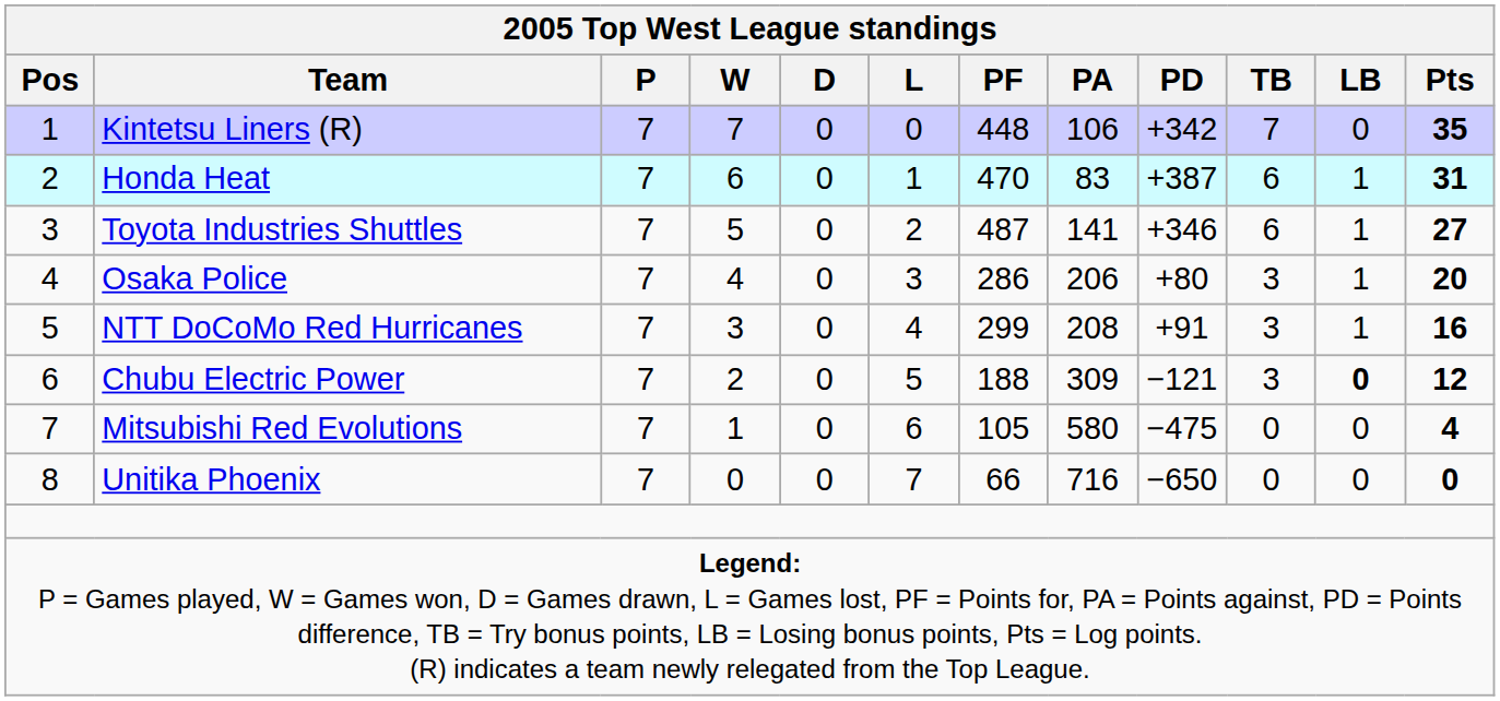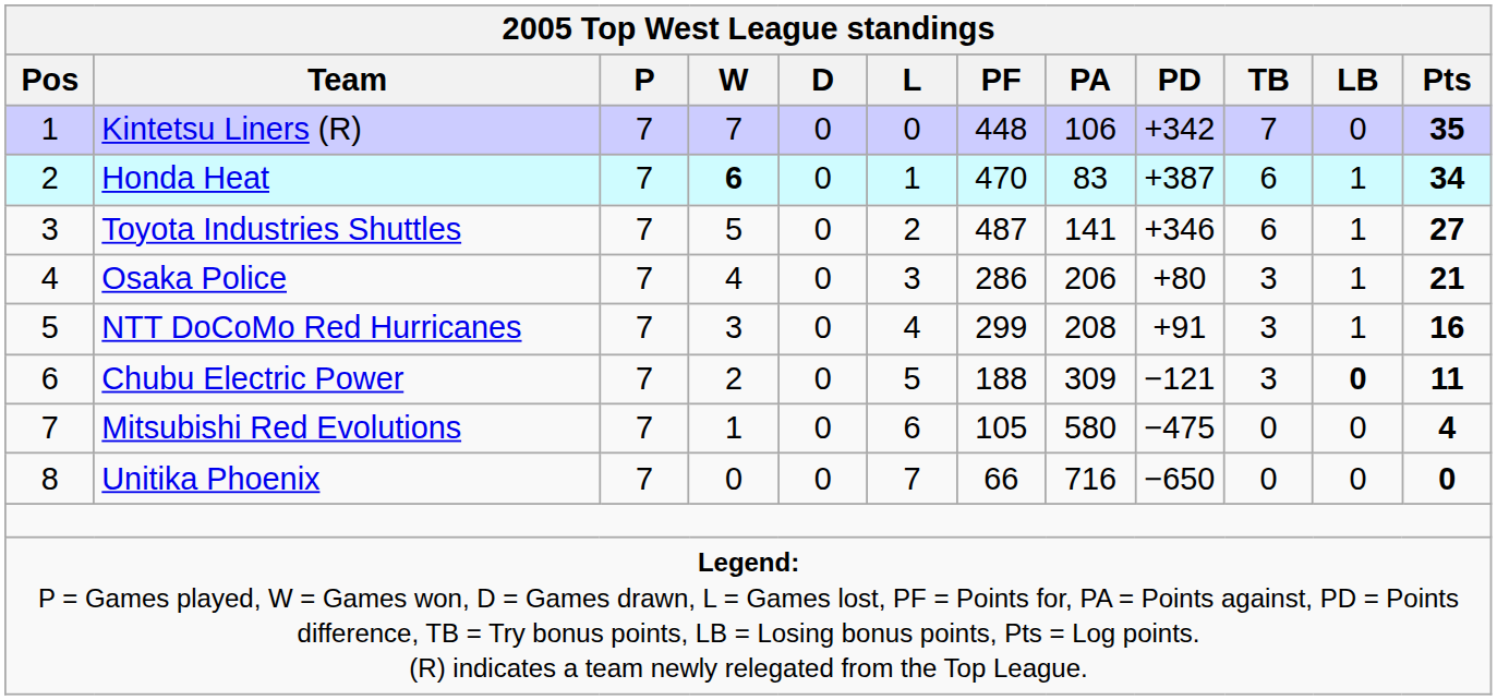 <table class="wikitable" style="text-align:center; font-size:100%; width:60%;">
 <tr>
 <th colspan="100%" cellpadding="0" cellspacing="0"><strong>2005 Top West League standings</strong></th>
 </tr>
 <tr>
 <th style="width:6%;">Pos</th>
 <th style="width:34%;">Team</th>
 <th style="width:6%;">P</th>
 <th style="width:6%;">W</th>
 <th style="width:6%;">D</th>
 <th style="width:6%;">L</th>
 <th style="width:6%;">PF</th>
 <th style="width:6%;">PA</th>
 <th style="width:6%;">PD</th>
 <th style="width:6%;">TB</th>
 <th style="width:6%;">LB</th>
 <th style="width:6%;">Pts<br></th>
 </tr>
 <tr style="background:#CCCCFF;">
 <td>1</td>
 <td style="text-align:left;"><a href='#'>Kintetsu Liners</a> (R)</td>
 <td>7</td>
 <td>7</td>
 <td>0</td>
 <td>0</td>
 <td>448</td>
 <td>106</td>
 <td>+342</td>
 <td>7</td>
 <td>0</td>
 <td><strong>35</strong></td>
 </tr>
 <tr style="background:#CFFCFF;">
 <td>2</td>
 <td style="text-align:left;"><a href='#'>Honda Heat</a></td>
 <td>7</td>
-<td>6</td>
+<td><strong>6</strong></td>
 <td>0</td>
 <td>1</td>
 <td>470</td>
 <td>83</td>
 <td>+387</td>
 <td>6</td>
 <td>1</td>
-<td><strong>31</strong></td>
+<td><strong>34</strong></td>
 </tr>
 <tr>
 <td>3</td>
 <td style="text-align:left;"><a href='#'>Toyota Industries Shuttles</a></td>
 <td>7</td>
 <td>5</td>
 <td>0</td>
 <td>2</td>
 <td>487</td>
 <td>141</td>
 <td>+346</td>
 <td>6</td>
 <td>1</td>
 <td><strong>27</strong></td>
 </tr>
 <tr>
 <td>4</td>
 <td style="text-align:left;"><a href='#'>Osaka Police</a></td>
 <td>7</td>
 <td>4</td>
 <td>0</td>
 <td>3</td>
 <td>286</td>
 <td>206</td>
 <td>+80</td>
 <td>3</td>
 <td>1</td>
-<td><strong>20</strong></td>
+<td><strong>21</strong></td>
 </tr>
 <tr>
 <td>5</td>
 <td style="text-align:left;"><a href='#'>NTT DoCoMo Red Hurricanes</a></td>
 <td>7</td>
 <td>3</td>
 <td>0</td>
 <td>4</td>
 <td>299</td>
 <td>208</td>
 <td>+91</td>
 <td>3</td>
 <td>1</td>
 <td><strong>16</strong></td>
 </tr>
 <tr>
 <td>6</td>
 <td style="text-align:left;"><a href='#'>Chubu Electric Power</a></td>
 <td>7</td>
 <td>2</td>
 <td>0</td>
 <td>5</td>
 <td>188</td>
 <td>309</td>
 <td>−121</td>
 <td>3</td>
 <td><strong>0</strong></td>
-<td><strong>12</strong></td>
+<td><strong>11</strong></td>
 </tr>
 <tr>
 <td>7</td>
 <td style="text-align:left;"><a href='#'>Mitsubishi Red Evolutions</a></td>
 <td>7</td>
 <td>1</td>
 <td>0</td>
 <td>6</td>
 <td>105</td>
 <td>580</td>
 <td>−475</td>
 <td>0</td>
 <td>0</td>
 <td><strong>4</strong></td>
 </tr>
 <tr>
 <td>8</td>
 <td style="text-align:left;"><a href='#'>Unitika Phoenix</a></td>
 <td>7</td>
 <td>0</td>
 <td>0</td>
 <td>7</td>
 <td>66</td>
 <td>716</td>
 <td>−650</td>
 <td>0</td>
 <td>0</td>
 <td><strong>0</strong></td>
 </tr>
 <tr>
 <td colspan="100%" style="height:10px;"></td>
 </tr>
 <tr>
 <td colspan="100%"><small><strong>Legend:</strong> <br> P = Games played, W = Games won, D = Games drawn, L = Games lost, PF = Points for, PA = Points against, PD = Points difference, TB = Try bonus points, LB = Losing bonus points, Pts = Log points. <br> (R) indicates a team newly relegated from the Top League.</small></td>
 </tr>
 </table>
